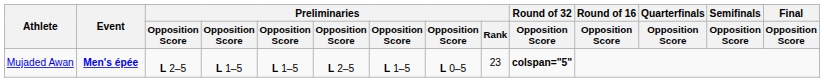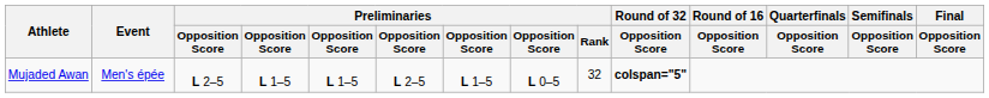 <table class=wikitable style="text-align:center; font-size:80%">
 <tr>
 <th rowspan="2">Athlete</th>
 <th rowspan="2" width="80px">Event</th>
 <th colspan="7">Preliminaries</th>
 <th>Round of 32</th>
 <th>Round of 16</th>
 <th>Quarterfinals</th>
 <th>Semifinals</th>
 <th>Final</th>
 </tr>
 <tr style="font-size:95%">
 <th>Opposition<br>Score</th>
 <th>Opposition<br>Score</th>
 <th>Opposition<br>Score</th>
 <th>Opposition<br>Score</th>
 <th>Opposition<br>Score</th>
 <th>Opposition<br>Score</th>
 <th>Rank</th>
 <th>Opposition<br>Score</th>
 <th>Opposition<br>Score</th>
 <th>Opposition<br>Score</th>
 <th>Opposition<br>Score</th>
 <th>Opposition<br>Score</th>
 </tr>
 <tr>
 <td align=left><a href='#'>Mujaded Awan</a></td>
-<td><strong><a href='#'>Men's épée</a></strong></td>
+<td><a href='#'>Men's épée</a></td>
 <td><br><strong>L</strong> 2–5</td>
 <td><br><strong>L</strong> 1–5</td>
 <td><br><strong>L</strong> 1–5</td>
 <td><br><strong>L</strong> 2–5</td>
 <td><br><strong>L</strong> 1–5</td>
 <td><br><strong>L</strong> 0–5</td>
-<td>23</td>
+<td>32</td>
 <td><strong>colspan="5" </strong></td>
 </tr>
 </table>
